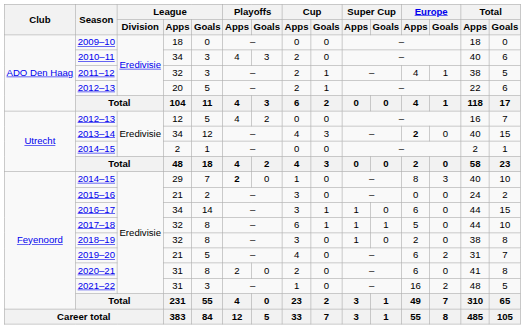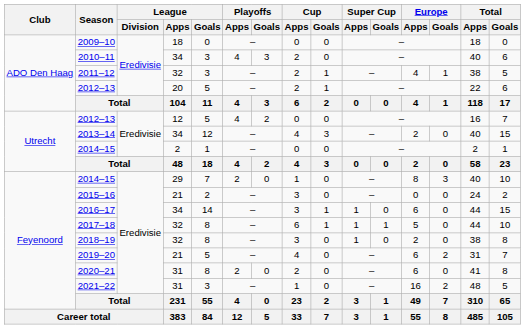 <table class="wikitable" style="text-align:center">
 <tr>
 <th rowspan="2">Club</th>
 <th rowspan="2">Season</th>
 <th colspan="3">League</th>
 <th colspan="2">Playoffs</th>
 <th colspan="2">Cup</th>
 <th colspan="2">Super Cup</th>
 <th colspan="2"><a href='#'>Europe</a></th>
 <th colspan="2">Total</th>
 </tr>
 <tr>
 <th>Division</th>
 <th>Apps</th>
 <th>Goals</th>
 <th>Apps</th>
 <th>Goals</th>
 <th>Apps</th>
 <th>Goals</th>
 <th>Apps</th>
 <th>Goals</th>
 <th>Apps</th>
 <th>Goals</th>
 <th>Apps</th>
 <th>Goals</th>
 </tr>
 <tr>
 <td rowspan="5"><a href='#'>ADO Den Haag</a></td>
 <td><a href='#'>2009–10</a></td>
 <td rowspan="4"><a href='#'>Eredivisie</a></td>
 <td>18</td>
 <td>0</td>
 <td colspan="2">–</td>
 <td>0</td>
 <td>0</td>
 <td colspan="4">–</td>
 <td>18</td>
 <td>0</td>
 </tr>
 <tr>
 <td><a href='#'>2010–11</a></td>
 <td>34</td>
 <td>3</td>
 <td>4</td>
 <td>3</td>
 <td>2</td>
 <td>0</td>
 <td colspan="4">–</td>
 <td>40</td>
 <td>6</td>
 </tr>
 <tr>
 <td><a href='#'>2011–12</a></td>
 <td>32</td>
 <td>3</td>
 <td colspan="2">–</td>
 <td>2</td>
 <td>1</td>
 <td colspan="2">–</td>
 <td>4</td>
 <td>1</td>
 <td>38</td>
 <td>5</td>
 </tr>
 <tr>
 <td><a href='#'>2012–13</a></td>
 <td>20</td>
 <td>5</td>
 <td colspan="2">–</td>
 <td>2</td>
 <td>1</td>
 <td colspan="4">–</td>
 <td>22</td>
 <td>6</td>
 </tr>
 <tr>
 <th colspan="2">Total</th>
 <th>104</th>
 <th>11</th>
 <th>4</th>
 <th>3</th>
 <th>6</th>
 <th>2</th>
 <th>0</th>
 <th>0</th>
 <th>4</th>
 <th>1</th>
 <th>118</th>
 <th>17</th>
 </tr>
 <tr>
 <td rowspan="4"><a href='#'>Utrecht</a></td>
 <td><a href='#'>2012–13</a></td>
 <td rowspan="3">Eredivisie</td>
 <td>12</td>
 <td>5</td>
 <td>4</td>
 <td>2</td>
 <td>0</td>
 <td>0</td>
 <td colspan="4">–</td>
 <td>16</td>
 <td>7</td>
 </tr>
 <tr>
 <td><a href='#'>2013–14</a></td>
 <td>34</td>
 <td>12</td>
 <td colspan="2">–</td>
 <td>4</td>
 <td>3</td>
 <td colspan="2">–</td>
-<td><strong>2</strong></td>
+<td>2</td>
 <td>0</td>
 <td>40</td>
 <td>15</td>
 </tr>
 <tr>
 <td><a href='#'>2014–15</a></td>
 <td>2</td>
 <td>1</td>
 <td colspan="2">–</td>
 <td>0</td>
 <td>0</td>
 <td colspan="4">–</td>
 <td>2</td>
 <td>1</td>
 </tr>
 <tr>
 <th colspan="2">Total</th>
 <th>48</th>
 <th>18</th>
 <th>4</th>
 <th>2</th>
 <th>4</th>
 <th>3</th>
 <th>0</th>
 <th>0</th>
 <th>2</th>
 <th>0</th>
 <th>58</th>
 <th>23</th>
 </tr>
 <tr>
 <td rowspan="9"><a href='#'>Feyenoord</a></td>
 <td><a href='#'>2014–15</a></td>
 <td rowspan="8">Eredivisie</td>
 <td>29</td>
 <td>7</td>
-<td><strong>2</strong></td>
+<td>2</td>
 <td>0</td>
 <td>1</td>
 <td>0</td>
 <td colspan="2">–</td>
 <td>8</td>
 <td>3</td>
 <td>40</td>
 <td>10</td>
 </tr>
 <tr>
 <td><a href='#'>2015–16</a></td>
 <td>21</td>
 <td>2</td>
 <td colspan="2">–</td>
 <td>3</td>
 <td>0</td>
 <td colspan="2">–</td>
 <td>0</td>
 <td>0</td>
 <td>24</td>
 <td>2</td>
 </tr>
 <tr>
 <td><a href='#'>2016–17</a></td>
 <td>34</td>
 <td>14</td>
 <td colspan="2">–</td>
 <td>3</td>
 <td>1</td>
 <td>1</td>
 <td>0</td>
 <td>6</td>
 <td>0</td>
 <td>44</td>
 <td>15</td>
 </tr>
 <tr>
 <td><a href='#'>2017–18</a></td>
 <td>32</td>
 <td>8</td>
 <td colspan="2">–</td>
 <td>6</td>
 <td>1</td>
 <td>1</td>
 <td>1</td>
 <td>5</td>
 <td>0</td>
 <td>44</td>
 <td>10</td>
 </tr>
 <tr>
 <td><a href='#'>2018–19</a></td>
 <td>32</td>
 <td>8</td>
 <td colspan="2">–</td>
 <td>3</td>
 <td>0</td>
 <td>1</td>
 <td>0</td>
 <td>2</td>
 <td>0</td>
 <td>38</td>
 <td>8</td>
 </tr>
 <tr>
 <td><a href='#'>2019–20</a></td>
 <td>21</td>
 <td>5</td>
 <td colspan="2">–</td>
 <td>4</td>
 <td>0</td>
 <td colspan="2">–</td>
 <td>6</td>
 <td>2</td>
 <td>31</td>
 <td>7</td>
 </tr>
 <tr>
 <td><a href='#'>2020–21</a></td>
 <td>31</td>
 <td>8</td>
 <td>2</td>
 <td>0</td>
 <td>2</td>
 <td>0</td>
 <td colspan="2">–</td>
 <td>6</td>
 <td>0</td>
 <td>41</td>
 <td>8</td>
 </tr>
 <tr>
 <td><a href='#'>2021–22</a></td>
 <td>31</td>
 <td>3</td>
 <td colspan="2">–</td>
 <td>1</td>
 <td>0</td>
 <td colspan="2">–</td>
 <td>16</td>
 <td>2</td>
 <td>48</td>
 <td>5</td>
 </tr>
 <tr>
 <th colspan="2">Total</th>
 <th>231</th>
 <th>55</th>
 <th>4</th>
 <th>0</th>
 <th>23</th>
 <th>2</th>
 <th>3</th>
 <th>1</th>
 <th>49</th>
 <th>7</th>
 <th>310</th>
 <th>65</th>
 </tr>
 <tr>
 <th colspan="3">Career total</th>
 <th>383</th>
 <th>84</th>
 <th>12</th>
 <th>5</th>
 <th>33</th>
 <th>7</th>
 <th>3</th>
 <th>1</th>
 <th>55</th>
 <th>8</th>
 <th>485</th>
 <th>105</th>
 </tr>
 </table>
